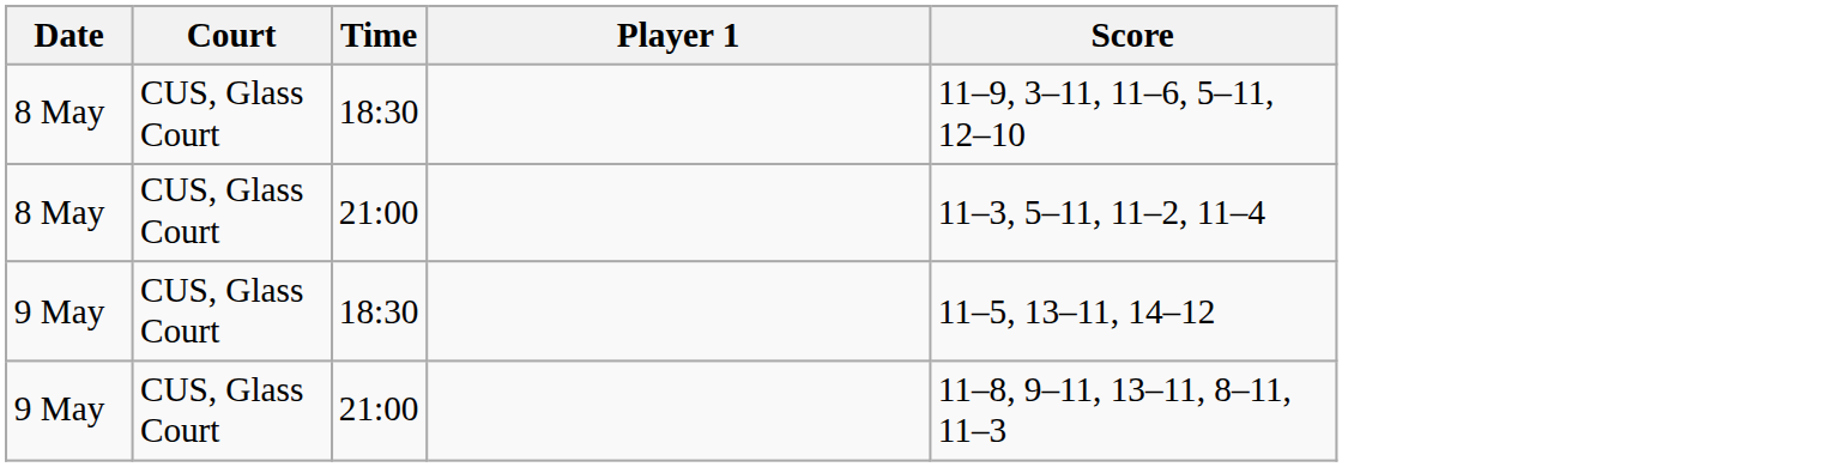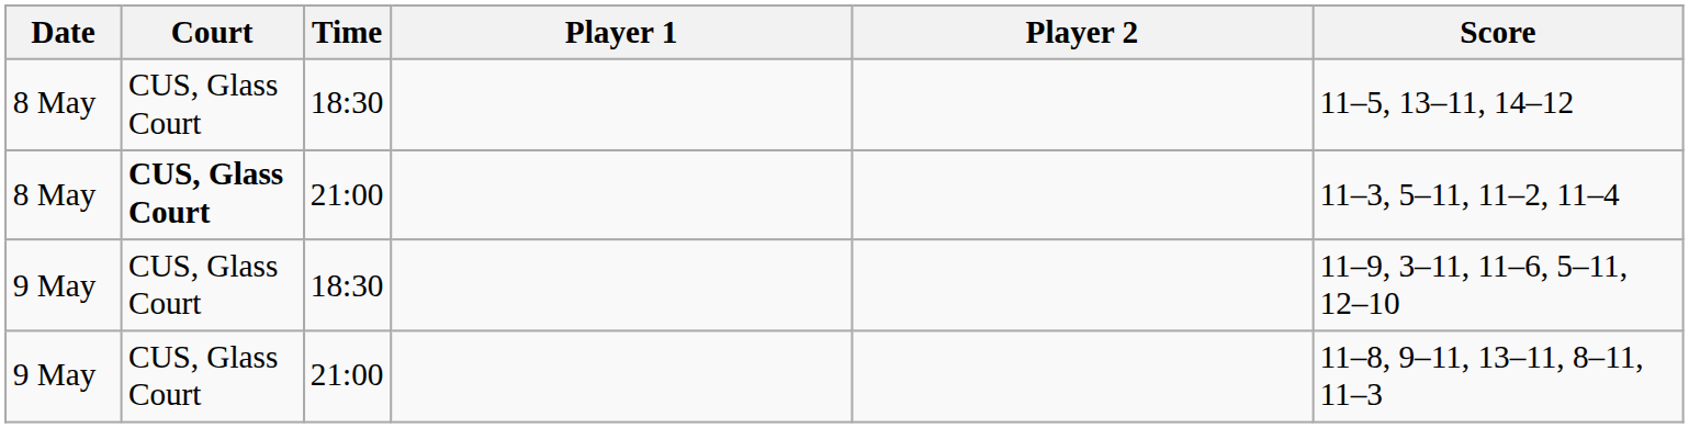 <table class="sortable wikitable" style="font-size:90%">
 <tr>
 <th width="45" class="unsortable">Date</th>
 <th width="75">Court</th>
 <th width="30">Time</th>
 <th width="200">Player 1</th>
+<th width="200">Player 2</th>
 <th width="160" class="unsortable">Score</th>
 </tr>
 <tr>
 <td>8 May</td>
 <td>CUS, Glass Court</td>
 <td>18:30</td>
 <td><strong></strong></td>
-<td>11–9, 3–11, 11–6, 5–11, 12–10</td>
+<td></td>
+<td>11–5, 13–11, 14–12</td>
 </tr>
 <tr>
 <td>8 May</td>
-<td>CUS, Glass Court</td>
+<td><strong>CUS, Glass Court</strong></td>
 <td>21:00</td>
 <td></td>
+<td><strong></strong></td>
 <td>11–3, 5–11, 11–2, 11–4</td>
 </tr>
 <tr>
 <td>9 May</td>
 <td>CUS, Glass Court</td>
 <td>18:30</td>
 <td><strong></strong></td>
-<td>11–5, 13–11, 14–12</td>
+<td></td>
+<td>11–9, 3–11, 11–6, 5–11, 12–10</td>
 </tr>
 <tr>
 <td>9 May</td>
 <td>CUS, Glass Court</td>
 <td>21:00</td>
 <td><strong></strong></td>
+<td></td>
 <td>11–8, 9–11, 13–11, 8–11, 11–3</td>
 </tr>
 </table>
